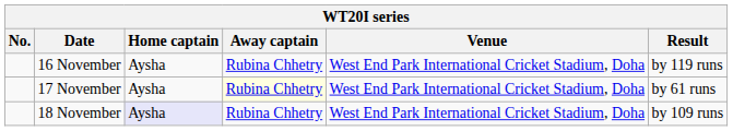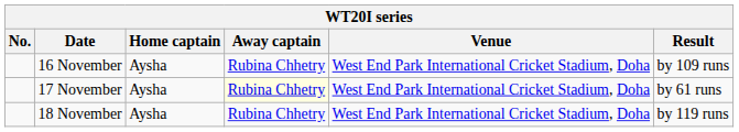 <table class="wikitable">
 <tr>
 <th colspan="9">WT20I series</th>
 </tr>
 <tr>
 <th>No.</th>
 <th>Date</th>
 <th>Home captain</th>
 <th>Away captain</th>
 <th>Venue</th>
 <th>Result</th>
 </tr>
 <tr>
 <td></td>
 <td>16 November</td>
 <td>Aysha</td>
 <td><a href='#'>Rubina Chhetry</a></td>
 <td><a href='#'>West End Park International Cricket Stadium</a>, <a href='#'>Doha</a></td>
-<td> by 119 runs</td>
+<td> by 109 runs</td>
 </tr>
 <tr>
 <td></td>
 <td>17 November</td>
 <td>Aysha</td>
 <td style="background: lightyellow;"><a href='#'>Rubina Chhetry</a></td>
 <td><a href='#'>West End Park International Cricket Stadium</a>, <a href='#'>Doha</a></td>
 <td> by 61 runs</td>
 </tr>
 <tr>
 <td></td>
 <td>18 November</td>
-<td style="background: lavender;">Aysha</td>
+<td>Aysha</td>
 <td><a href='#'>Rubina Chhetry</a></td>
 <td><a href='#'>West End Park International Cricket Stadium</a>, <a href='#'>Doha</a></td>
-<td> by 109 runs</td>
+<td> by 119 runs</td>
 </tr>
 </table>
